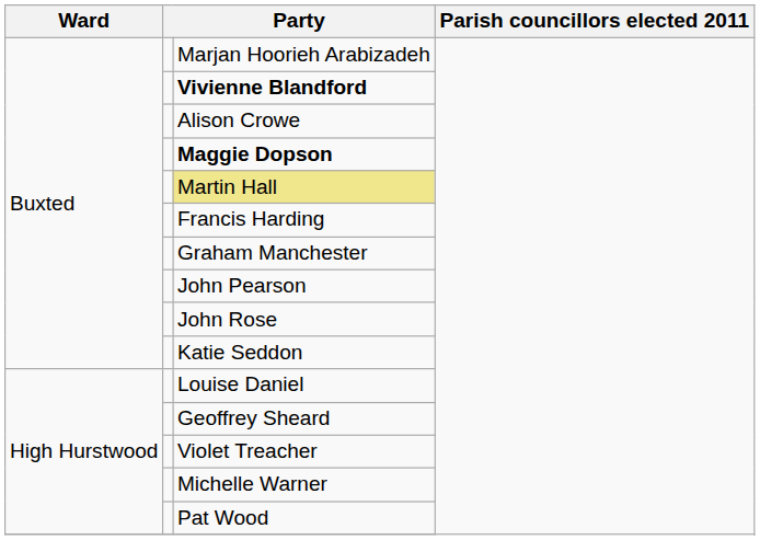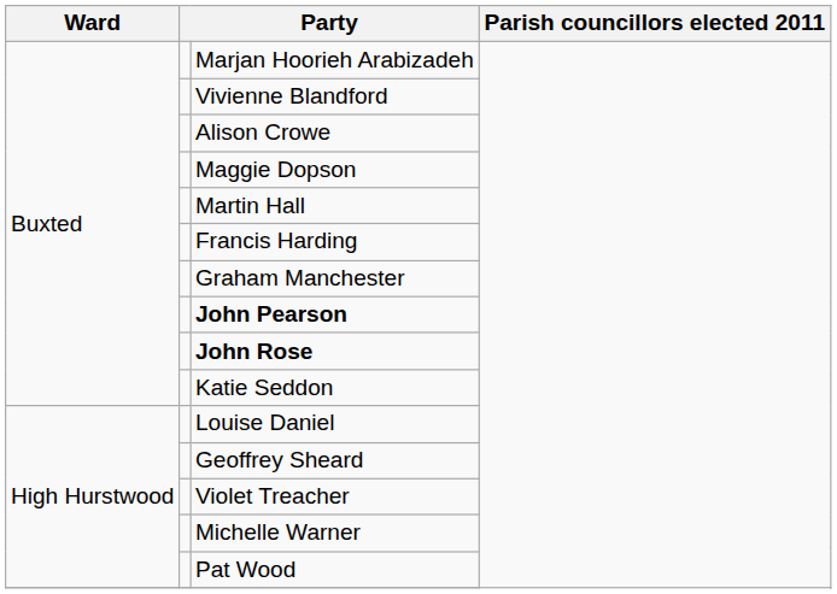 <table class="wikitable">
 <tr>
 <th>Ward</th>
 <th colspan=2>Party</th>
 <th>Parish councillors elected 2011</th>
 </tr>
 <tr>
 <td rowspan="10">Buxted</td>
 <td></td>
 <td>Marjan Hoorieh Arabizadeh</td>
 </tr>
 <tr>
 <td></td>
-<td><strong>Vivienne Blandford</strong></td>
+<td>Vivienne Blandford</td>
 </tr>
 <tr>
 <td></td>
 <td>Alison Crowe</td>
 </tr>
 <tr>
 <td></td>
-<td><strong>Maggie Dopson</strong></td>
+<td>Maggie Dopson</td>
 </tr>
 <tr>
 <td></td>
-<td style="background: khaki;">Martin Hall</td>
+<td>Martin Hall</td>
 </tr>
 <tr>
 <td></td>
 <td>Francis Harding</td>
 </tr>
 <tr>
 <td></td>
 <td>Graham Manchester</td>
 </tr>
 <tr>
 <td></td>
-<td>John Pearson</td>
+<td><strong>John Pearson</strong></td>
 </tr>
 <tr>
 <td></td>
-<td>John Rose</td>
+<td><strong>John Rose</strong></td>
 </tr>
 <tr>
 <td></td>
 <td>Katie Seddon</td>
 </tr>
 <tr>
 <td rowspan="5">High Hurstwood</td>
 <td></td>
 <td>Louise Daniel</td>
 </tr>
 <tr>
 <td></td>
 <td>Geoffrey Sheard</td>
 </tr>
 <tr>
 <td></td>
 <td>Violet Treacher</td>
 </tr>
 <tr>
 <td></td>
 <td>Michelle Warner</td>
 </tr>
 <tr>
 <td></td>
 <td>Pat Wood</td>
 </tr>
 <tr>
 </tr>
 </table>
